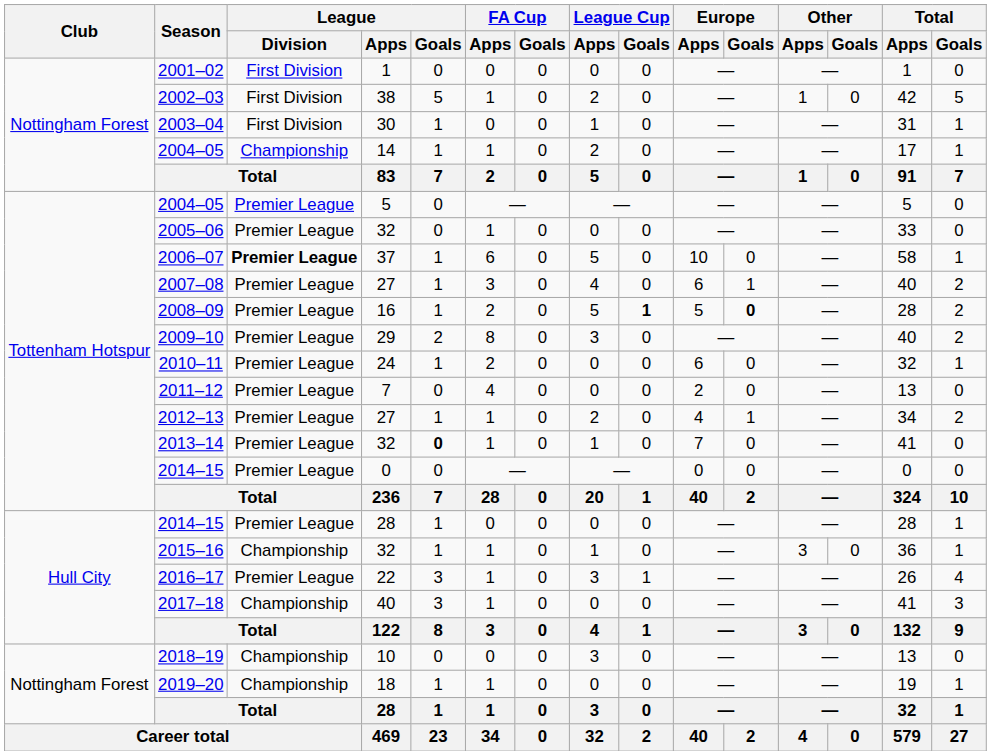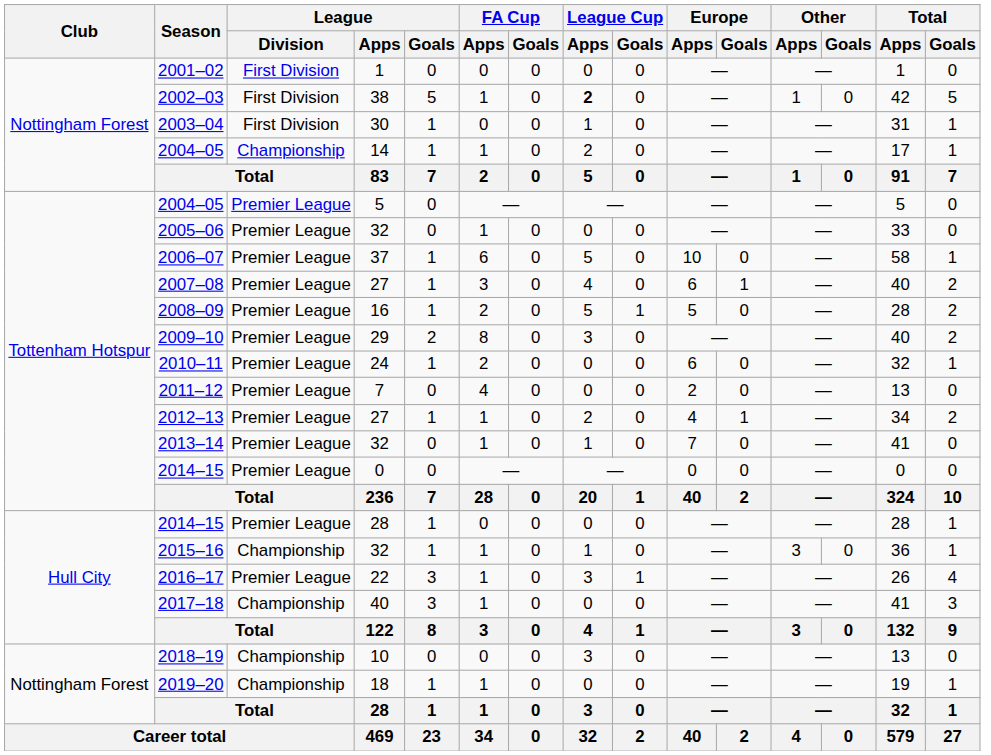 <table class=wikitable style=text-align:center>
 <tr>
 <th rowspan=2>Club</th>
 <th rowspan=2>Season</th>
 <th colspan=3>League</th>
 <th colspan=2><a href='#'>FA Cup</a></th>
 <th colspan=2><a href='#'>League Cup</a></th>
 <th colspan=2>Europe</th>
 <th colspan=2>Other</th>
 <th colspan=2>Total</th>
 </tr>
 <tr>
 <th>Division</th>
 <th>Apps</th>
 <th>Goals</th>
 <th>Apps</th>
 <th>Goals</th>
 <th>Apps</th>
 <th>Goals</th>
 <th>Apps</th>
 <th>Goals</th>
 <th>Apps</th>
 <th>Goals</th>
 <th>Apps</th>
 <th>Goals</th>
 </tr>
 <tr>
 <td rowspan=5><a href='#'>Nottingham Forest</a></td>
 <td><a href='#'>2001–02</a></td>
 <td><a href='#'>First Division</a></td>
 <td>1</td>
 <td>0</td>
 <td>0</td>
 <td>0</td>
 <td>0</td>
 <td>0</td>
 <td colspan=2>—</td>
 <td colspan=2>—</td>
 <td>1</td>
 <td>0</td>
 </tr>
 <tr>
 <td><a href='#'>2002–03</a></td>
 <td>First Division</td>
 <td>38</td>
 <td>5</td>
 <td>1</td>
 <td>0</td>
-<td>2</td>
+<td><strong>2</strong></td>
 <td>0</td>
 <td colspan=2>—</td>
 <td>1</td>
 <td>0</td>
 <td>42</td>
 <td>5</td>
 </tr>
 <tr>
 <td><a href='#'>2003–04</a></td>
 <td>First Division</td>
 <td>30</td>
 <td>1</td>
 <td>0</td>
 <td>0</td>
 <td>1</td>
 <td>0</td>
 <td colspan=2>—</td>
 <td colspan=2>—</td>
 <td>31</td>
 <td>1</td>
 </tr>
 <tr>
 <td><a href='#'>2004–05</a></td>
 <td><a href='#'>Championship</a></td>
 <td>14</td>
 <td>1</td>
 <td>1</td>
 <td>0</td>
 <td>2</td>
 <td>0</td>
 <td colspan=2>—</td>
 <td colspan=2>—</td>
 <td>17</td>
 <td>1</td>
 </tr>
 <tr>
 <th colspan=2>Total</th>
 <th>83</th>
 <th>7</th>
 <th>2</th>
 <th>0</th>
 <th>5</th>
 <th>0</th>
 <th colspan=2>—</th>
 <th>1</th>
 <th>0</th>
 <th>91</th>
 <th>7</th>
 </tr>
 <tr>
 <td rowspan=12><a href='#'>Tottenham Hotspur</a></td>
 <td><a href='#'>2004–05</a></td>
 <td><a href='#'>Premier League</a></td>
 <td>5</td>
 <td>0</td>
 <td colspan=2>—</td>
 <td colspan=2>—</td>
 <td colspan=2>—</td>
 <td colspan=2>—</td>
 <td>5</td>
 <td>0</td>
 </tr>
 <tr>
 <td><a href='#'>2005–06</a></td>
 <td>Premier League</td>
 <td>32</td>
 <td>0</td>
 <td>1</td>
 <td>0</td>
 <td>0</td>
 <td>0</td>
 <td colspan=2>—</td>
 <td colspan=2>—</td>
 <td>33</td>
 <td>0</td>
 </tr>
 <tr>
 <td><a href='#'>2006–07</a></td>
-<td><strong>Premier League</strong></td>
+<td>Premier League</td>
 <td>37</td>
 <td>1</td>
 <td>6</td>
 <td>0</td>
 <td>5</td>
 <td>0</td>
 <td>10</td>
 <td>0</td>
 <td colspan=2>—</td>
 <td>58</td>
 <td>1</td>
 </tr>
 <tr>
 <td><a href='#'>2007–08</a></td>
 <td>Premier League</td>
 <td>27</td>
 <td>1</td>
 <td>3</td>
 <td>0</td>
 <td>4</td>
 <td>0</td>
 <td>6</td>
 <td>1</td>
 <td colspan=2>—</td>
 <td>40</td>
 <td>2</td>
 </tr>
 <tr>
 <td><a href='#'>2008–09</a></td>
 <td>Premier League</td>
 <td>16</td>
 <td>1</td>
 <td>2</td>
 <td>0</td>
 <td>5</td>
-<td><strong>1</strong></td>
+<td>1</td>
 <td>5</td>
-<td><strong>0</strong></td>
+<td>0</td>
 <td colspan=2>—</td>
 <td>28</td>
 <td>2</td>
 </tr>
 <tr>
 <td><a href='#'>2009–10</a></td>
 <td>Premier League</td>
 <td>29</td>
 <td>2</td>
 <td>8</td>
 <td>0</td>
 <td>3</td>
 <td>0</td>
 <td colspan=2>—</td>
 <td colspan=2>—</td>
 <td>40</td>
 <td>2</td>
 </tr>
 <tr>
 <td><a href='#'>2010–11</a></td>
 <td>Premier League</td>
 <td>24</td>
 <td>1</td>
 <td>2</td>
 <td>0</td>
 <td>0</td>
 <td>0</td>
 <td>6</td>
 <td>0</td>
 <td colspan=2>—</td>
 <td>32</td>
 <td>1</td>
 </tr>
 <tr>
 <td><a href='#'>2011–12</a></td>
 <td>Premier League</td>
 <td>7</td>
 <td>0</td>
 <td>4</td>
 <td>0</td>
 <td>0</td>
 <td>0</td>
 <td>2</td>
 <td>0</td>
 <td colspan=2>—</td>
 <td>13</td>
 <td>0</td>
 </tr>
 <tr>
 <td><a href='#'>2012–13</a></td>
 <td>Premier League</td>
 <td>27</td>
 <td>1</td>
 <td>1</td>
 <td>0</td>
 <td>2</td>
 <td>0</td>
 <td>4</td>
 <td>1</td>
 <td colspan=2>—</td>
 <td>34</td>
 <td>2</td>
 </tr>
 <tr>
 <td><a href='#'>2013–14</a></td>
 <td>Premier League</td>
 <td>32</td>
-<td><strong>0</strong></td>
+<td>0</td>
 <td>1</td>
 <td>0</td>
 <td>1</td>
 <td>0</td>
 <td>7</td>
 <td>0</td>
 <td colspan=2>—</td>
 <td>41</td>
 <td>0</td>
 </tr>
 <tr>
 <td><a href='#'>2014–15</a></td>
 <td>Premier League</td>
 <td>0</td>
 <td>0</td>
 <td colspan=2>—</td>
 <td colspan=2>—</td>
 <td>0</td>
 <td>0</td>
 <td colspan=2>—</td>
 <td>0</td>
 <td>0</td>
 </tr>
 <tr>
 <th colspan=2>Total</th>
 <th>236</th>
 <th>7</th>
 <th>28</th>
 <th>0</th>
 <th>20</th>
 <th>1</th>
 <th>40</th>
 <th>2</th>
 <th colspan=2>—</th>
 <th>324</th>
 <th>10</th>
 </tr>
 <tr>
 <td rowspan=5><a href='#'>Hull City</a></td>
 <td><a href='#'>2014–15</a></td>
 <td>Premier League</td>
 <td>28</td>
 <td>1</td>
 <td>0</td>
 <td>0</td>
 <td>0</td>
 <td>0</td>
 <td colspan=2>—</td>
 <td colspan=2>—</td>
 <td>28</td>
 <td>1</td>
 </tr>
 <tr>
 <td><a href='#'>2015–16</a></td>
 <td>Championship</td>
 <td>32</td>
 <td>1</td>
 <td>1</td>
 <td>0</td>
 <td>1</td>
 <td>0</td>
 <td colspan=2>—</td>
 <td>3</td>
 <td>0</td>
 <td>36</td>
 <td>1</td>
 </tr>
 <tr>
 <td><a href='#'>2016–17</a></td>
 <td>Premier League</td>
 <td>22</td>
 <td>3</td>
 <td>1</td>
 <td>0</td>
 <td>3</td>
 <td>1</td>
 <td colspan=2>—</td>
 <td colspan=2>—</td>
 <td>26</td>
 <td>4</td>
 </tr>
 <tr>
 <td><a href='#'>2017–18</a></td>
 <td>Championship</td>
 <td>40</td>
 <td>3</td>
 <td>1</td>
 <td>0</td>
 <td>0</td>
 <td>0</td>
 <td colspan=2>—</td>
 <td colspan=2>—</td>
 <td>41</td>
 <td>3</td>
 </tr>
 <tr>
 <th colspan=2>Total</th>
 <th>122</th>
 <th>8</th>
 <th>3</th>
 <th>0</th>
 <th>4</th>
 <th>1</th>
 <th colspan=2>—</th>
 <th>3</th>
 <th>0</th>
 <th>132</th>
 <th>9</th>
 </tr>
 <tr>
 <td rowspan=3>Nottingham Forest</td>
 <td><a href='#'>2018–19</a></td>
 <td>Championship</td>
 <td>10</td>
 <td>0</td>
 <td>0</td>
 <td>0</td>
 <td>3</td>
 <td>0</td>
 <td colspan=2>—</td>
 <td colspan=2>—</td>
 <td>13</td>
 <td>0</td>
 </tr>
 <tr>
 <td><a href='#'>2019–20</a></td>
 <td>Championship</td>
 <td>18</td>
 <td>1</td>
 <td>1</td>
 <td>0</td>
 <td>0</td>
 <td>0</td>
 <td colspan=2>—</td>
 <td colspan=2>—</td>
 <td>19</td>
 <td>1</td>
 </tr>
 <tr>
 <th colspan=2>Total</th>
 <th>28</th>
 <th>1</th>
 <th>1</th>
 <th>0</th>
 <th>3</th>
 <th>0</th>
 <th colspan=2>—</th>
 <th colspan=2>—</th>
 <th>32</th>
 <th>1</th>
 </tr>
 <tr>
 <th colspan=3>Career total</th>
 <th>469</th>
 <th>23</th>
 <th>34</th>
 <th>0</th>
 <th>32</th>
 <th>2</th>
 <th>40</th>
 <th>2</th>
 <th>4</th>
 <th>0</th>
 <th>579</th>
 <th>27</th>
 </tr>
 </table>
